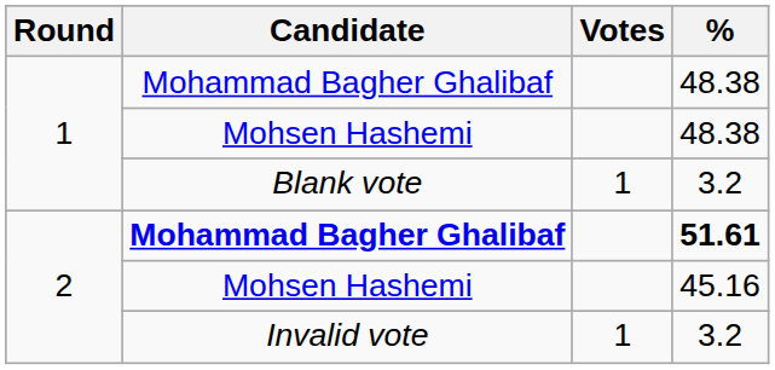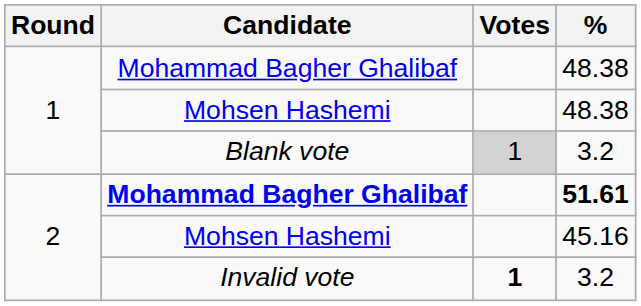 <table class="wikitable" style="text-align:center;">
 <tr>
 <th>Round</th>
 <th>Candidate</th>
 <th>Votes</th>
 <th>%</th>
 </tr>
 <tr>
 <td rowspan="3">1</td>
 <td><a href='#'>Mohammad Bagher Ghalibaf</a></td>
 <td></td>
 <td>48.38</td>
 </tr>
 <tr>
 <td><a href='#'>Mohsen Hashemi</a></td>
 <td></td>
 <td>48.38</td>
 </tr>
 <tr>
 <td><em>Blank vote</em></td>
-<td>1</td>
+<td style="background: lightgrey;">1</td>
 <td>3.2</td>
 </tr>
 <tr>
 <td rowspan="3">2</td>
 <td><strong><a href='#'>Mohammad Bagher Ghalibaf</a></strong></td>
 <td></td>
 <td><strong>51.61</strong></td>
 </tr>
 <tr>
 <td><a href='#'>Mohsen Hashemi</a></td>
 <td></td>
 <td>45.16</td>
 </tr>
 <tr>
 <td><em>Invalid vote</em></td>
-<td>1</td>
+<td><strong>1</strong></td>
 <td>3.2</td>
 </tr>
 </table>
